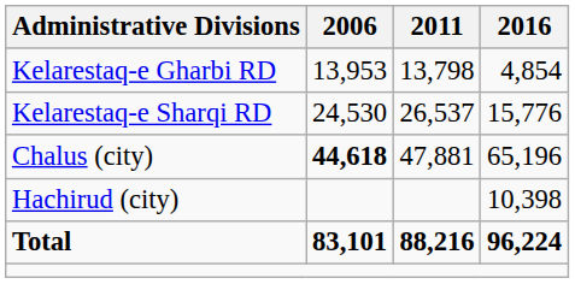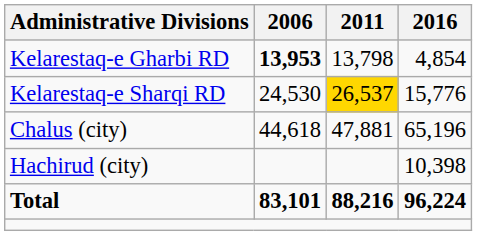 <table class="wikitable">
 <tr>
 <th>Administrative Divisions</th>
 <th>2006</th>
 <th>2011</th>
 <th>2016</th>
 </tr>
 <tr>
 <td><a href='#'>Kelarestaq-e Gharbi RD</a></td>
-<td style="text-align: right;">13,953</td>
+<td style="text-align: right;"><strong>13,953</strong></td>
 <td style="text-align: right;">13,798</td>
 <td style="text-align: right;">4,854</td>
 </tr>
 <tr>
 <td><a href='#'>Kelarestaq-e Sharqi RD</a></td>
 <td style="text-align: right;">24,530</td>
-<td style="text-align: right;">26,537</td>
+<td style="background: gold; text-align: right;">26,537</td>
 <td style="text-align: right;">15,776</td>
 </tr>
 <tr>
 <td><a href='#'>Chalus</a> (city)</td>
-<td style="text-align: right;"><strong>44,618</strong></td>
+<td style="text-align: right;">44,618</td>
 <td style="text-align: right;">47,881</td>
 <td style="text-align: right;">65,196</td>
 </tr>
 <tr>
 <td><a href='#'>Hachirud</a> (city)</td>
 <td style="text-align: right;"></td>
 <td style="text-align: right;"></td>
 <td style="text-align: right;">10,398</td>
 </tr>
 <tr>
 <td><strong>Total</strong></td>
 <td style="text-align: right;"><strong>83,101</strong></td>
 <td style="text-align: right;"><strong>88,216</strong></td>
 <td style="text-align: right;"><strong>96,224</strong></td>
 </tr>
 <tr>
 <td colspan=4></td>
 </tr>
 </table>
